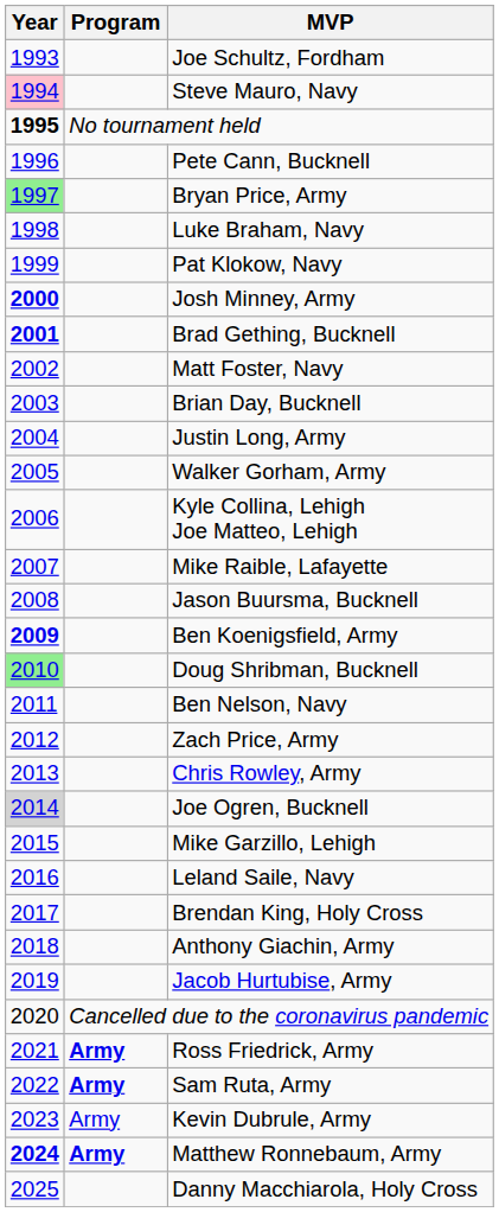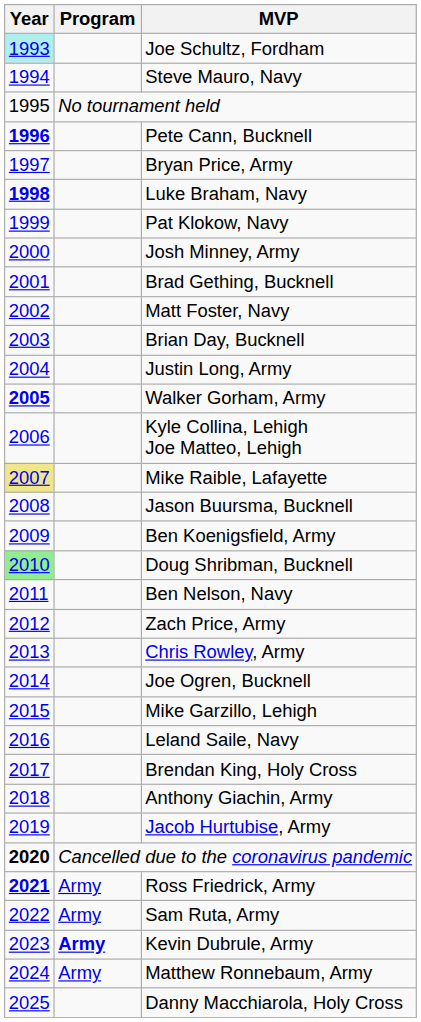 <table class="wikitable">
 <tr>
 <th>Year</th>
 <th>Program</th>
 <th>MVP</th>
 </tr>
 <tr>
-<td><a href='#'>1993</a></td>
+<td style="background: paleturquoise;"><a href='#'>1993</a></td>
 <td></td>
 <td>Joe Schultz, Fordham</td>
 </tr>
 <tr>
-<td style="background: pink;"><a href='#'>1994</a></td>
+<td><a href='#'>1994</a></td>
 <td></td>
 <td>Steve Mauro, Navy</td>
 </tr>
 <tr>
-<td><strong>1995</strong></td>
+<td>1995</td>
 <td colspan=2><em>No tournament held</em></td>
 </tr>
 <tr>
-<td><a href='#'>1996</a></td>
+<td><strong><a href='#'>1996</a></strong></td>
 <td></td>
 <td>Pete Cann, Bucknell</td>
 </tr>
 <tr>
-<td style="background: lightgreen;"><a href='#'>1997</a></td>
+<td><a href='#'>1997</a></td>
 <td></td>
 <td>Bryan Price, Army</td>
 </tr>
 <tr>
-<td><a href='#'>1998</a></td>
+<td><strong><a href='#'>1998</a></strong></td>
 <td></td>
 <td>Luke Braham, Navy</td>
 </tr>
 <tr>
 <td><a href='#'>1999</a></td>
 <td></td>
 <td>Pat Klokow, Navy</td>
 </tr>
 <tr>
-<td><strong><a href='#'>2000</a></strong></td>
+<td><a href='#'>2000</a></td>
 <td></td>
 <td>Josh Minney, Army</td>
 </tr>
 <tr>
-<td><strong><a href='#'>2001</a></strong></td>
+<td><a href='#'>2001</a></td>
 <td></td>
 <td>Brad Gething, Bucknell</td>
 </tr>
 <tr>
 <td><a href='#'>2002</a></td>
 <td></td>
 <td>Matt Foster, Navy</td>
 </tr>
 <tr>
 <td><a href='#'>2003</a></td>
 <td></td>
 <td>Brian Day, Bucknell</td>
 </tr>
 <tr>
 <td><a href='#'>2004</a></td>
 <td></td>
 <td>Justin Long, Army</td>
 </tr>
 <tr>
-<td><a href='#'>2005</a></td>
+<td><strong><a href='#'>2005</a></strong></td>
 <td></td>
 <td>Walker Gorham, Army</td>
 </tr>
 <tr>
 <td><a href='#'>2006</a></td>
 <td></td>
 <td>Kyle Collina, Lehigh<br>Joe Matteo, Lehigh</td>
 </tr>
 <tr>
-<td><a href='#'>2007</a></td>
+<td style="background: khaki;"><a href='#'>2007</a></td>
 <td></td>
 <td>Mike Raible, Lafayette</td>
 </tr>
 <tr>
 <td><a href='#'>2008</a></td>
 <td></td>
 <td>Jason Buursma, Bucknell</td>
 </tr>
 <tr>
-<td><strong><a href='#'>2009</a></strong></td>
+<td><a href='#'>2009</a></td>
 <td></td>
 <td>Ben Koenigsfield, Army</td>
 </tr>
 <tr>
 <td style="background: lightgreen;"><a href='#'>2010</a></td>
 <td></td>
 <td>Doug Shribman, Bucknell</td>
 </tr>
 <tr>
 <td><a href='#'>2011</a></td>
 <td></td>
 <td>Ben Nelson, Navy</td>
 </tr>
 <tr>
 <td><a href='#'>2012</a></td>
 <td></td>
 <td>Zach Price, Army</td>
 </tr>
 <tr>
 <td><a href='#'>2013</a></td>
 <td></td>
 <td><a href='#'>Chris Rowley</a>, Army</td>
 </tr>
 <tr>
-<td style="background: lightgrey;"><a href='#'>2014</a></td>
+<td><a href='#'>2014</a></td>
 <td></td>
 <td>Joe Ogren, Bucknell</td>
 </tr>
 <tr>
 <td><a href='#'>2015</a></td>
 <td></td>
 <td>Mike Garzillo, Lehigh</td>
 </tr>
 <tr>
 <td><a href='#'>2016</a></td>
 <td></td>
 <td>Leland Saile, Navy</td>
 </tr>
 <tr>
 <td><a href='#'>2017</a></td>
 <td></td>
 <td>Brendan King, Holy Cross</td>
 </tr>
 <tr>
 <td><a href='#'>2018</a></td>
 <td></td>
 <td>Anthony Giachin, Army</td>
 </tr>
 <tr>
 <td><a href='#'>2019</a></td>
 <td></td>
 <td><a href='#'>Jacob Hurtubise</a>, Army</td>
 </tr>
 <tr>
-<td>2020</td>
+<td><strong>2020</strong></td>
 <td colspan=2 align=center><em>Cancelled due to the <a href='#'>coronavirus pandemic</a></em></td>
 </tr>
 <tr>
-<td><a href='#'>2021</a></td>
-<td><strong><a href='#'>Army</a></strong></td>
+<td><strong><a href='#'>2021</a></strong></td>
+<td><a href='#'>Army</a></td>
 <td>Ross Friedrick, Army</td>
 </tr>
 <tr>
 <td><a href='#'>2022</a></td>
-<td><strong><a href='#'>Army</a></strong></td>
+<td><a href='#'>Army</a></td>
 <td>Sam Ruta, Army</td>
 </tr>
 <tr>
 <td><a href='#'>2023</a></td>
-<td><a href='#'>Army</a></td>
+<td><strong><a href='#'>Army</a></strong></td>
 <td>Kevin Dubrule, Army</td>
 </tr>
 <tr>
-<td><strong><a href='#'>2024</a></strong></td>
-<td><strong><a href='#'>Army</a></strong></td>
+<td><a href='#'>2024</a></td>
+<td><a href='#'>Army</a></td>
 <td>Matthew Ronnebaum, Army</td>
 </tr>
 <tr>
 <td><a href='#'>2025</a></td>
 <td></td>
 <td>Danny Macchiarola, Holy Cross</td>
 </tr>
 </table>
